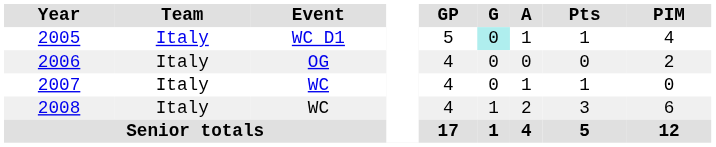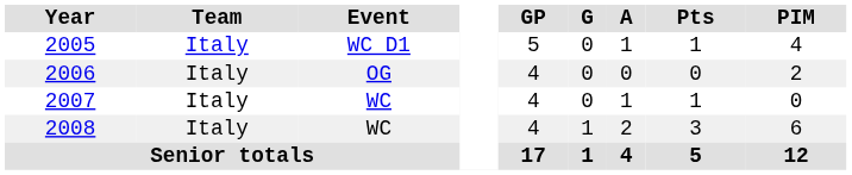 <table border="0" cellpadding="1" cellspacing="0" style="text-align:center; width:40em">
 <tr ALIGN="center" bgcolor="#e0e0e0">
 <th>Year</th>
 <th>Team</th>
 <th>Event</th>
 <th ALIGN="center" rowspan="99" bgcolor="#ffffff"> </th>
 <th>GP</th>
 <th>G</th>
 <th>A</th>
 <th>Pts</th>
 <th>PIM</th>
 </tr>
 <tr>
 <td><a href='#'>2005</a></td>
 <td><a href='#'>Italy</a></td>
 <td><a href='#'>WC D1</a></td>
 <td>5</td>
-<td style="background: paleturquoise;">0</td>
+<td>0</td>
 <td>1</td>
 <td>1</td>
 <td>4</td>
 </tr>
 <tr bgcolor="#f0f0f0">
 <td><a href='#'>2006</a></td>
 <td>Italy</td>
 <td><a href='#'>OG</a></td>
 <td>4</td>
 <td>0</td>
 <td>0</td>
 <td>0</td>
 <td>2</td>
 </tr>
 <tr>
 <td><a href='#'>2007</a></td>
 <td>Italy</td>
 <td><a href='#'>WC</a></td>
 <td>4</td>
 <td>0</td>
 <td>1</td>
 <td>1</td>
 <td>0</td>
 </tr>
 <tr bgcolor="#f0f0f0">
 <td><a href='#'>2008</a></td>
 <td>Italy</td>
 <td>WC</td>
 <td>4</td>
 <td>1</td>
 <td>2</td>
 <td>3</td>
 <td>6</td>
 </tr>
 <tr bgcolor="#e0e0e0">
 <th colspan="3">Senior totals</th>
 <th>17</th>
 <th>1</th>
 <th>4</th>
 <th>5</th>
 <th>12</th>
 </tr>
 </table>
